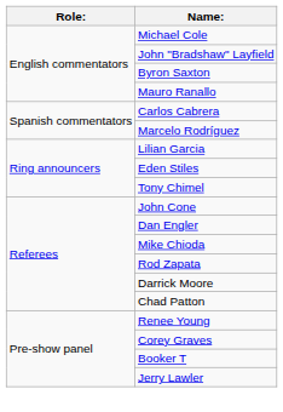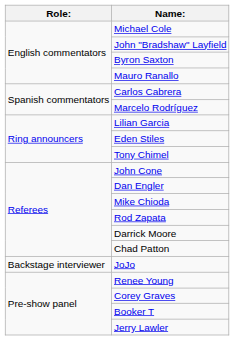 <table class=wikitable style="font-size:90%; margin: 0.5em 0 0.5em 1em; float: right; clear: right;">
 <tr>
 <th>Role:</th>
 <th>Name:</th>
 </tr>
 <tr>
 <td rowspan=4>English commentators</td>
 <td><a href='#'>Michael Cole</a> </td>
 </tr>
 <tr>
 <td><a href='#'>John "Bradshaw" Layfield</a> </td>
 </tr>
 <tr>
 <td><a href='#'>Byron Saxton</a>  </td>
 </tr>
 <tr>
 <td><a href='#'>Mauro Ranallo</a> </td>
 </tr>
 <tr>
 <td rowspan=2>Spanish commentators</td>
 <td><a href='#'>Carlos Cabrera</a></td>
 </tr>
 <tr>
 <td><a href='#'>Marcelo Rodríguez</a></td>
 </tr>
 <tr>
 <td rowspan=3><a href='#'>Ring announcers</a></td>
 <td><a href='#'>Lilian Garcia</a></td>
 </tr>
 <tr>
 <td><a href='#'>Eden Stiles</a></td>
 </tr>
 <tr>
 <td><a href='#'>Tony Chimel</a></td>
 </tr>
 <tr>
 <td rowspan=6><a href='#'>Referees</a></td>
 <td><a href='#'>John Cone</a></td>
 </tr>
 <tr>
 <td><a href='#'>Dan Engler</a></td>
 </tr>
 <tr>
 <td><a href='#'>Mike Chioda</a></td>
 </tr>
 <tr>
 <td><a href='#'>Rod Zapata</a></td>
 </tr>
 <tr>
 <td>Darrick Moore</td>
 </tr>
 <tr>
 <td>Chad Patton</td>
 </tr>
 <tr>
+<td rowspan=1>Backstage interviewer</td>
+<td><a href='#'>JoJo</a></td>
+</tr>
+<tr>
 <td rowspan=4>Pre-show panel</td>
 <td><a href='#'>Renee Young</a></td>
 </tr>
 <tr>
 <td><a href='#'>Corey Graves</a></td>
 </tr>
 <tr>
 <td><a href='#'>Booker T</a></td>
 </tr>
 <tr>
 <td><a href='#'>Jerry Lawler</a></td>
 </tr>
 </table>
